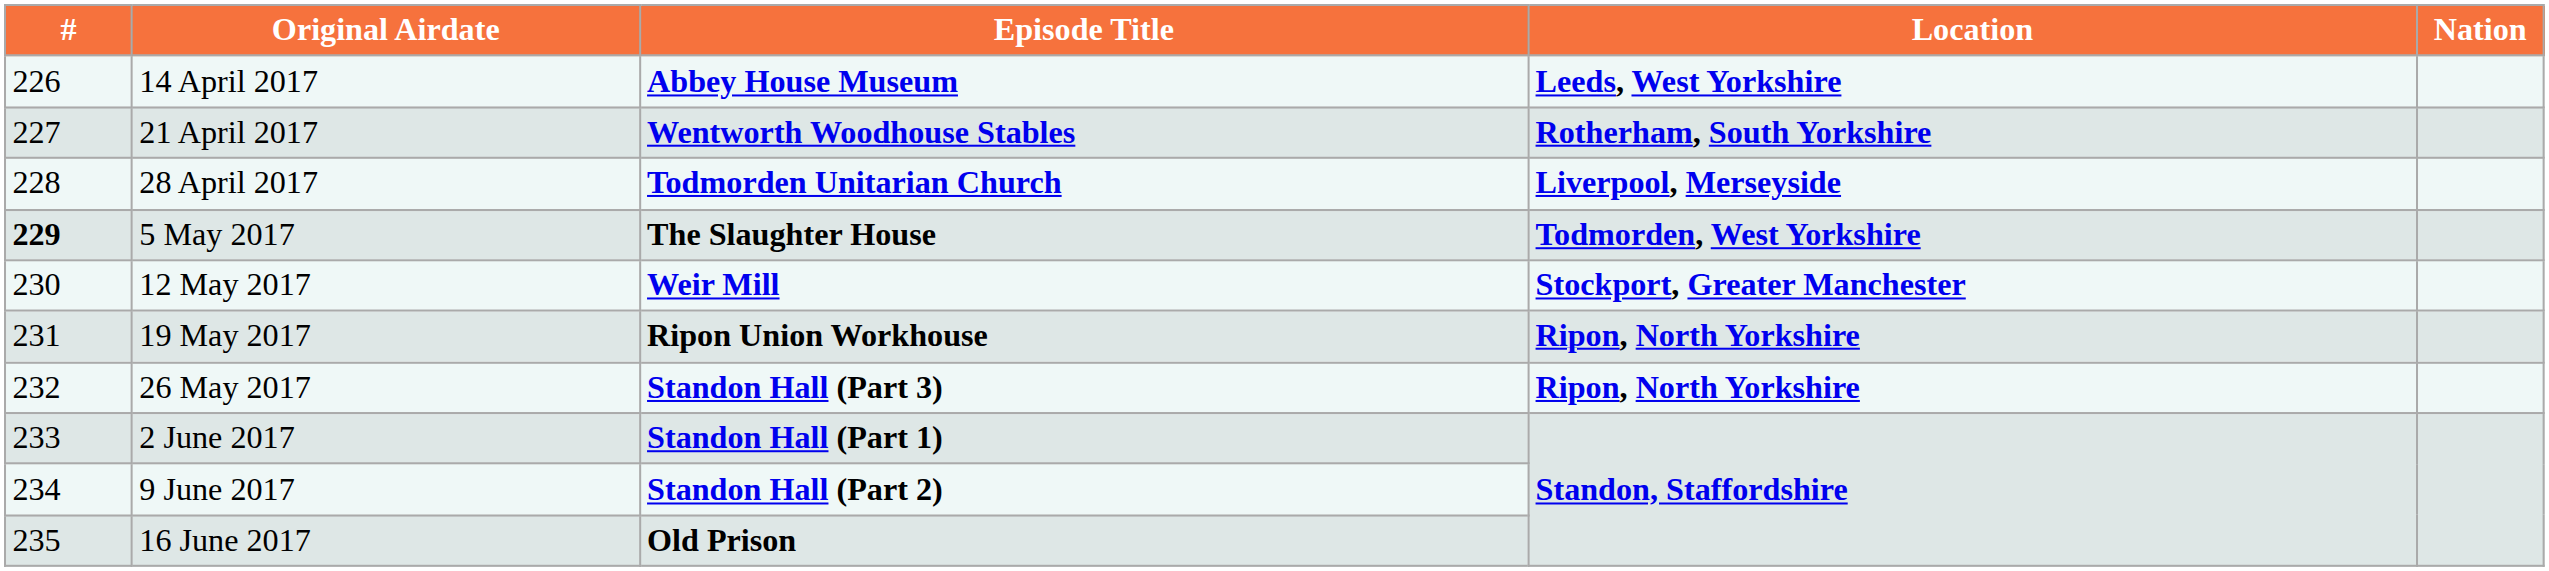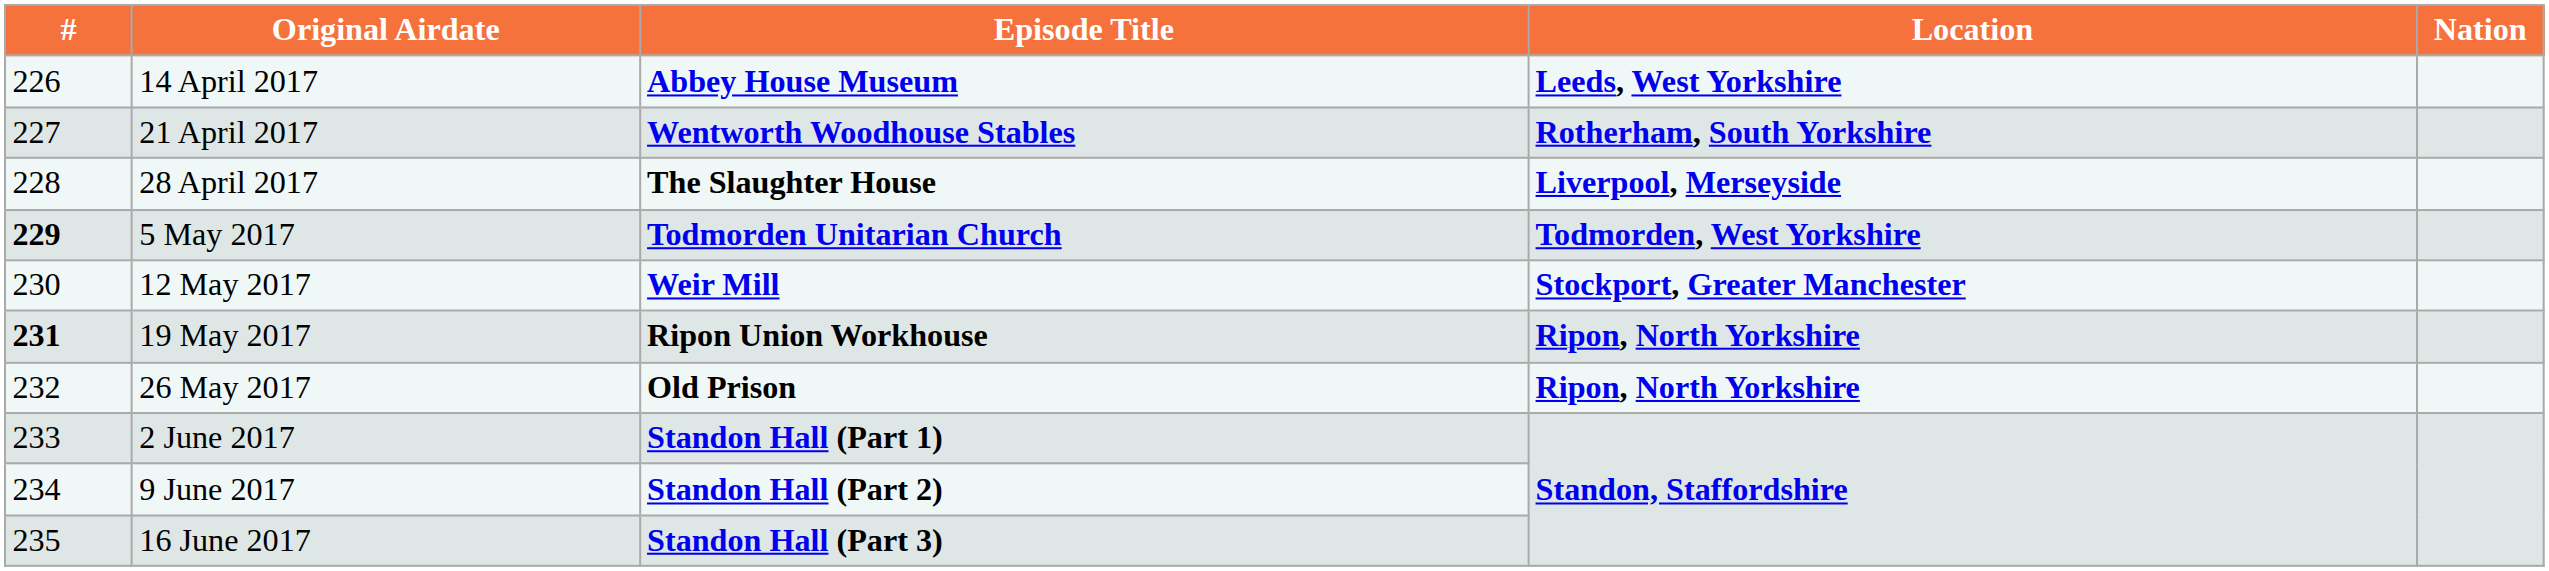 <table class="wikitable" id="series_list" style="margin: auto; width: 100%">
 <tr style="background:#964b00; color:white;">
 <th style="width:5%; background:#F6723D;"><strong>#</strong></th>
 <th style="width:20%; background:#F6723D;"><strong> Original Airdate</strong></th>
 <th style="width:35%; background:#F6723D;"><strong>Episode Title</strong></th>
 <th style="width:35%; background:#F6723D;"><strong>Location</strong></th>
 <th style="width:35%; background:#F6723D;"><strong>Nation</strong></th>
 </tr>
 <tr style="background:#eff8f7;">
 <td>226</td>
 <td>14 April 2017</td>
 <td><strong><a href='#'>Abbey House Museum</a></strong></td>
 <td><strong><a href='#'>Leeds</a>, <a href='#'>West Yorkshire</a></strong></td>
 <td></td>
 </tr>
 <tr style="background:#dee7e6;">
 <td>227</td>
 <td>21 April 2017</td>
 <td><strong><a href='#'>Wentworth Woodhouse Stables</a></strong></td>
 <td><strong><a href='#'>Rotherham</a>, <a href='#'>South Yorkshire</a></strong></td>
 <td></td>
 </tr>
 <tr style="background:#eff8f7;">
 <td>228</td>
 <td>28 April 2017</td>
-<td><strong><a href='#'>Todmorden Unitarian Church</a></strong></td>
+<td><strong>The Slaughter House</strong></td>
 <td><strong><a href='#'>Liverpool</a>, <a href='#'>Merseyside</a></strong></td>
 <td></td>
 </tr>
 <tr style="background:#dee7e6;">
 <td><strong>229</strong></td>
 <td>5 May 2017</td>
-<td><strong>The Slaughter House</strong></td>
+<td><strong><a href='#'>Todmorden Unitarian Church</a></strong></td>
 <td><strong><a href='#'>Todmorden</a>, <a href='#'>West Yorkshire</a></strong></td>
 <td></td>
 </tr>
 <tr style="background:#eff8f7;">
 <td>230</td>
 <td>12 May 2017</td>
 <td><strong><a href='#'>Weir Mill</a></strong></td>
 <td><strong><a href='#'>Stockport</a>, <a href='#'>Greater Manchester</a></strong></td>
 <td></td>
 </tr>
 <tr style="background:#dee7e6;">
-<td>231</td>
+<td><strong>231</strong></td>
 <td>19 May 2017</td>
 <td><strong>Ripon Union Workhouse</strong></td>
 <td><strong><a href='#'>Ripon</a>, <a href='#'>North Yorkshire</a></strong></td>
 <td></td>
 </tr>
 <tr style="background:#eff8f7;">
 <td>232</td>
 <td>26 May 2017</td>
-<td><strong><a href='#'>Standon Hall</a>  (Part 3)</strong></td>
+<td><strong>Old Prison</strong></td>
 <td><strong><a href='#'>Ripon</a>, <a href='#'>North Yorkshire</a></strong></td>
 <td></td>
 </tr>
 <tr style="background:#dee7e6;">
 <td>233</td>
 <td>2 June 2017</td>
 <td><strong><a href='#'>Standon Hall</a> (Part 1)</strong></td>
 <td rowspan="3"><strong><a href='#'>Standon, Staffordshire</a></strong></td>
 <td rowspan="3"></td>
 </tr>
 <tr style="background:#eff8f7;">
 <td>234</td>
 <td>9 June 2017</td>
 <td><strong><a href='#'>Standon Hall</a>  (Part 2)</strong></td>
 </tr>
 <tr style="background:#dee7e6;">
 <td>235</td>
 <td>16 June 2017</td>
-<td><strong>Old Prison</strong></td>
+<td><strong><a href='#'>Standon Hall</a>  (Part 3)</strong></td>
 </tr>
 </table>
